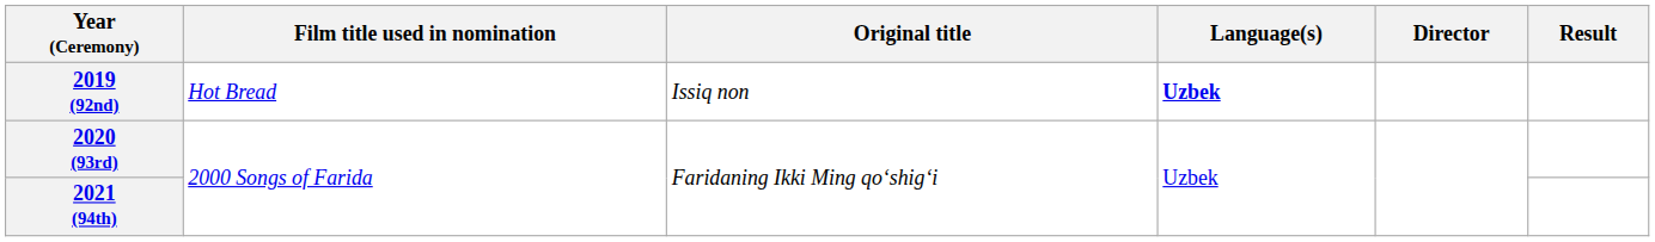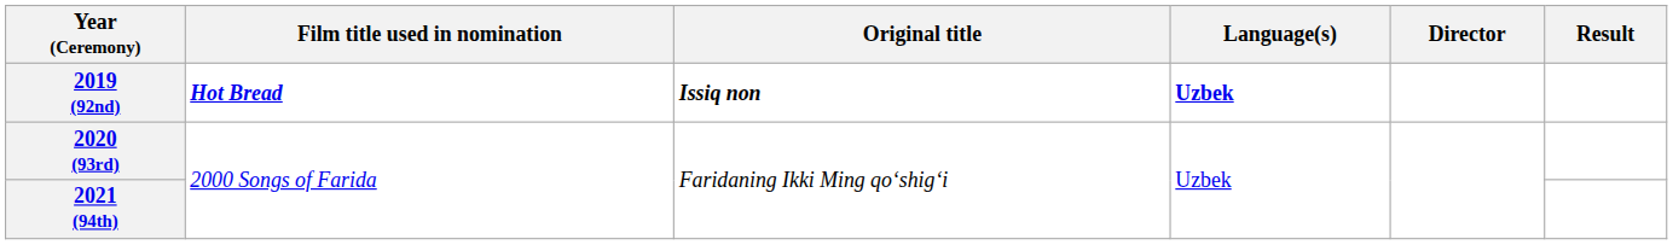 <table class="wikitable sortable" width="98%" style="background:#ffffff;">
 <tr>
 <th>Year<br><small>(Ceremony)</small></th>
 <th>Film title used in nomination</th>
 <th>Original title</th>
 <th>Language(s)</th>
 <th>Director</th>
 <th>Result</th>
 </tr>
 <tr>
 <th align="center"><a href='#'>2019</a><br><small><a href='#'>(92nd)</a></small></th>
-<td><em><a href='#'>Hot Bread</a></em></td>
-<td><em>Issiq non</em></td>
+<td><strong><em><a href='#'>Hot Bread</a></em></strong></td>
+<td><strong><em>Issiq non</em></strong></td>
 <td><strong><a href='#'>Uzbek</a></strong></td>
 <td></td>
 <td></td>
 </tr>
 <tr>
 <th align="center"><a href='#'>2020</a><br><small><a href='#'>(93rd)</a></small></th>
 <td rowspan="2"><em><a href='#'>2000 Songs of Farida</a></em></td>
 <td rowspan="2"><em>Faridaning Ikki Ming qoʻshigʻi</em></td>
 <td rowspan="2"><a href='#'>Uzbek</a></td>
 <td rowspan="2"></td>
 <td></td>
 </tr>
 <tr>
 <th align="center"><a href='#'>2021</a><br><small><a href='#'>(94th)</a></small></th>
 <td></td>
 </tr>
 </table>
